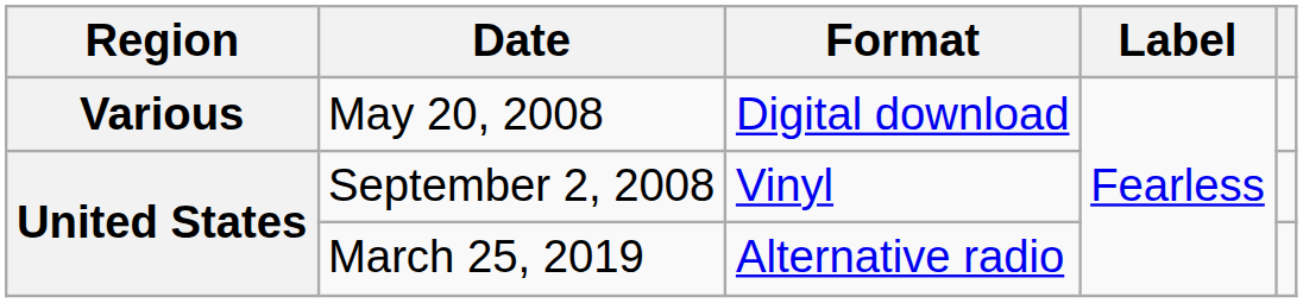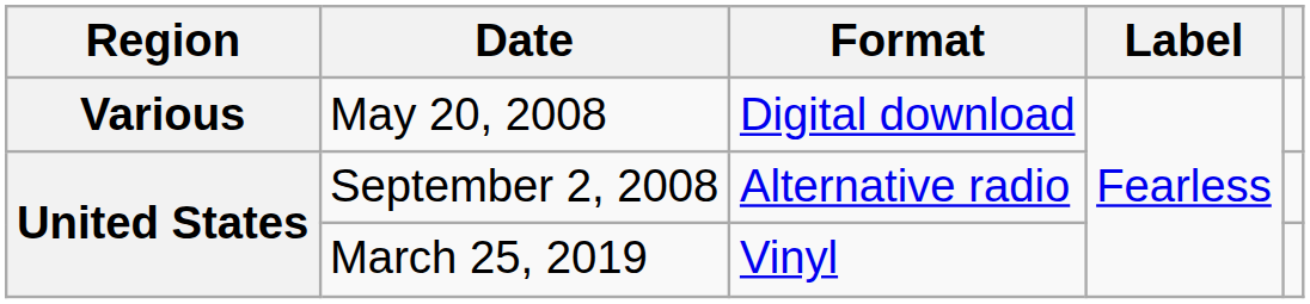 <table class="wikitable plainrowheaders">
 <tr>
 <th scope="col">Region</th>
 <th scope="col">Date</th>
 <th scope="col">Format</th>
 <th scope="col">Label</th>
 <th scope="col"></th>
 </tr>
 <tr>
 <th scope="row">Various</th>
 <td>May 20, 2008</td>
 <td><a href='#'>Digital download</a></td>
 <td rowspan="3"><a href='#'>Fearless</a></td>
 <td align="center"></td>
 </tr>
 <tr>
 <th scope="row" rowspan="2">United States</th>
 <td>September 2, 2008</td>
-<td><a href='#'>Vinyl</a></td>
+<td><a href='#'>Alternative radio</a></td>
 <td align="center"></td>
 </tr>
 <tr>
 <td>March 25, 2019</td>
-<td><a href='#'>Alternative radio</a></td>
+<td><a href='#'>Vinyl</a></td>
 <td align="center"></td>
 </tr>
 </table>
